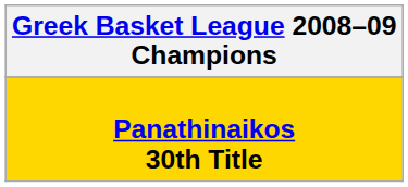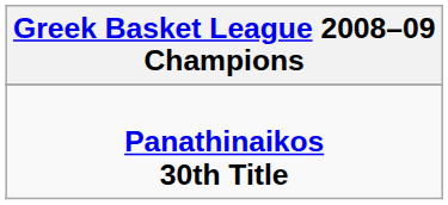 <table class="wikitable" style="text-align: center; margin: 0 auto;">
 <tr>
 <th><a href='#'>Greek Basket League</a> 2008–09<br>Champions</th>
 </tr>
 <tr>
 </tr>
 <tr>
-<td style="background: gold;"><br><strong><a href='#'>Panathinaikos</a></strong><br><strong>30th Title</strong></td>
+<td><br><strong><a href='#'>Panathinaikos</a></strong><br><strong>30th Title</strong></td>
 </tr>
 </table>
